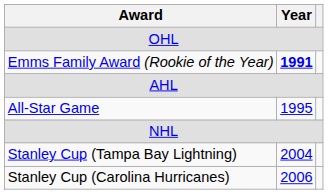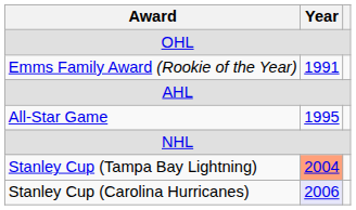 <table class="wikitable">
 <tr>
 <th>Award</th>
 <th>Year</th>
 <th></th>
 </tr>
 <tr ALIGN="center" bgcolor="#e0e0e0">
 <td colspan="3"><a href='#'>OHL</a></td>
 </tr>
 <tr>
 <td><a href='#'>Emms Family Award</a> <em>(Rookie of the Year)</em></td>
-<td><strong><a href='#'>1991</a></strong></td>
+<td><a href='#'>1991</a></td>
 <td></td>
 </tr>
 <tr ALIGN="center" bgcolor="#e0e0e0">
 <td colspan="3"><a href='#'>AHL</a></td>
 </tr>
 <tr>
 <td><a href='#'>All-Star Game</a></td>
 <td><a href='#'>1995</a></td>
 <td></td>
 </tr>
 <tr ALIGN="center" bgcolor="#e0e0e0">
 <td colspan="3"><a href='#'>NHL</a></td>
 </tr>
 <tr>
 <td><a href='#'>Stanley Cup</a> (Tampa Bay Lightning)</td>
-<td><a href='#'>2004</a></td>
+<td style="background: lightsalmon;"><a href='#'>2004</a></td>
 <td></td>
 </tr>
 <tr>
 <td>Stanley Cup (Carolina Hurricanes)</td>
-<td><a href='#'>2006</a></td>
+<td style="background: lavender;"><a href='#'>2006</a></td>
 <td></td>
 </tr>
 </table>
